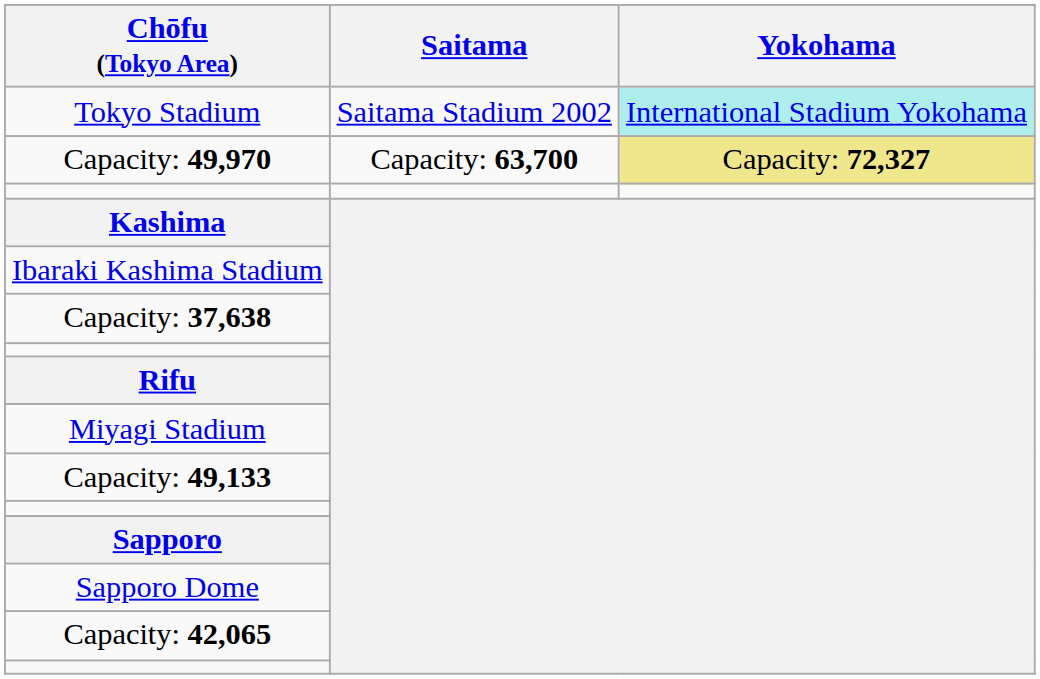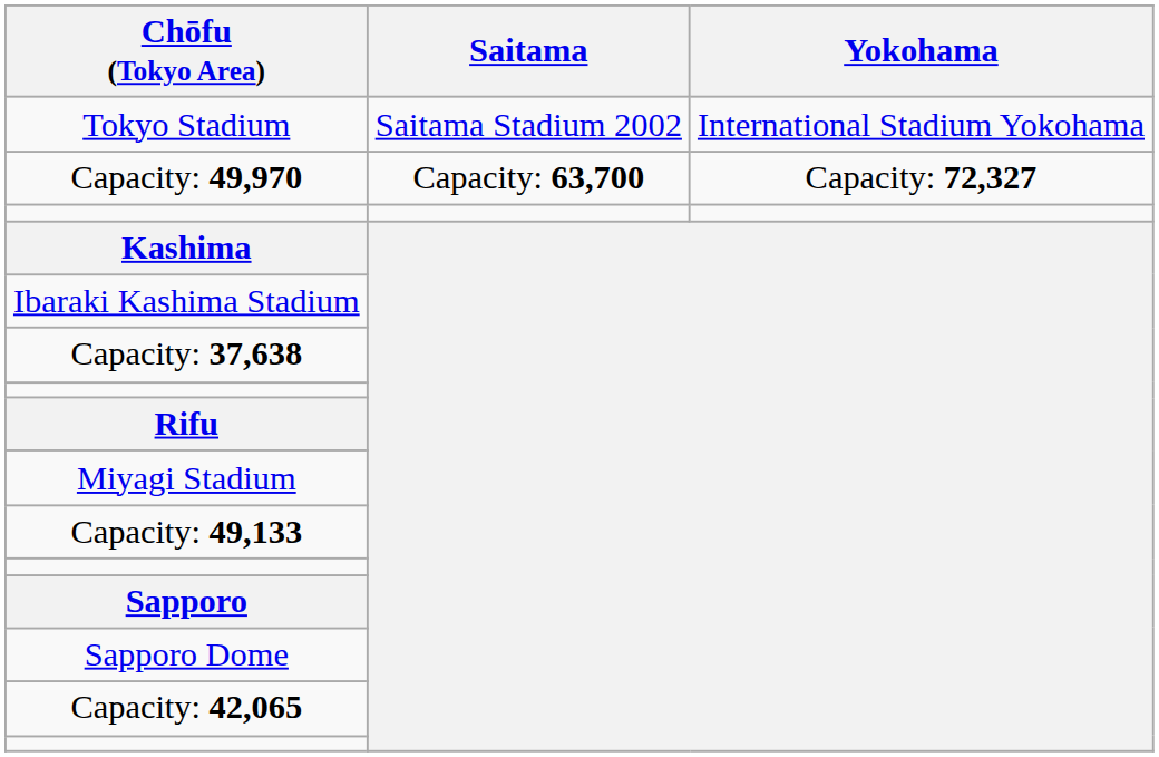 <table class="wikitable" style="text-align:center">
 <tr>
 <th><a href='#'>Chōfu</a><br><small>(<a href='#'>Tokyo Area</a>)</small></th>
 <th><a href='#'>Saitama</a></th>
 <th><a href='#'>Yokohama</a></th>
 </tr>
 <tr>
 <td><a href='#'>Tokyo Stadium</a></td>
 <td><a href='#'>Saitama Stadium 2002</a></td>
-<td style="background: paleturquoise;"><a href='#'>International Stadium Yokohama</a></td>
+<td><a href='#'>International Stadium Yokohama</a></td>
 </tr>
 <tr>
 <td>Capacity: <strong>49,970</strong></td>
 <td>Capacity: <strong>63,700</strong></td>
-<td style="background: khaki;">Capacity: <strong>72,327</strong></td>
+<td>Capacity: <strong>72,327</strong></td>
 </tr>
 <tr>
 <td></td>
 <td></td>
 <td></td>
 </tr>
 <tr>
 <th><a href='#'>Kashima</a></th>
 <th rowspan=12 colspan=3></th>
 </tr>
 <tr>
 <td><a href='#'>Ibaraki Kashima Stadium</a></td>
 </tr>
 <tr>
 <td>Capacity: <strong>37,638</strong></td>
 </tr>
 <tr>
 <td></td>
 </tr>
 <tr>
 <th><a href='#'>Rifu</a></th>
 </tr>
 <tr>
 <td><a href='#'>Miyagi Stadium</a></td>
 </tr>
 <tr>
 <td>Capacity: <strong>49,133</strong></td>
 </tr>
 <tr>
 <td></td>
 </tr>
 <tr>
 <th><a href='#'>Sapporo</a></th>
 </tr>
 <tr>
 <td><a href='#'>Sapporo Dome</a></td>
 </tr>
 <tr>
 <td>Capacity: <strong>42,065</strong></td>
 </tr>
 <tr>
 <td></td>
 </tr>
 </table>
